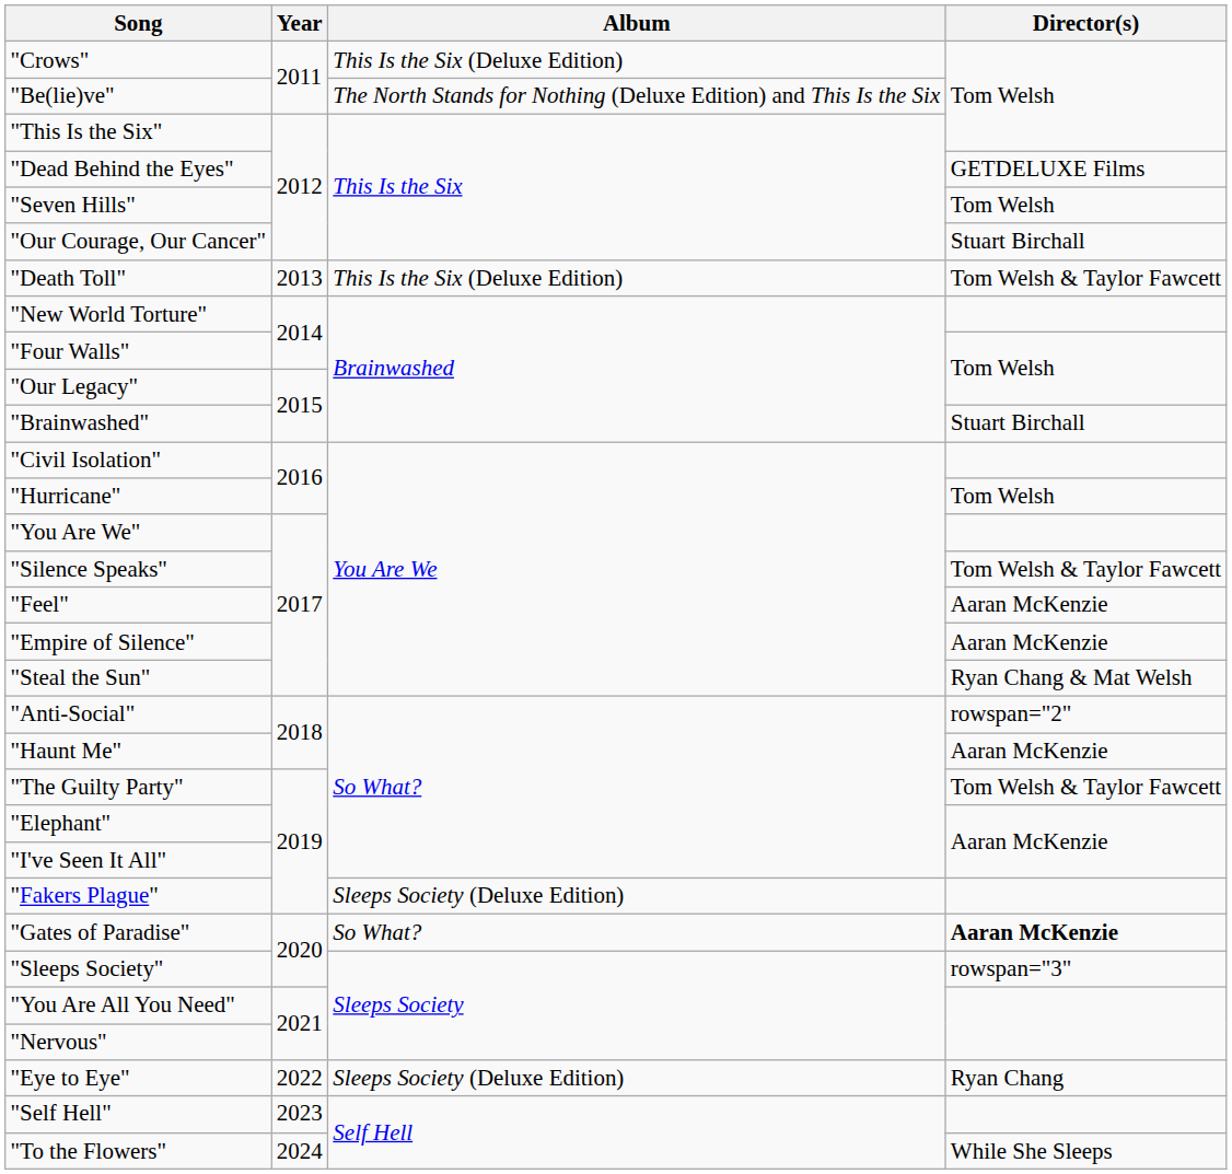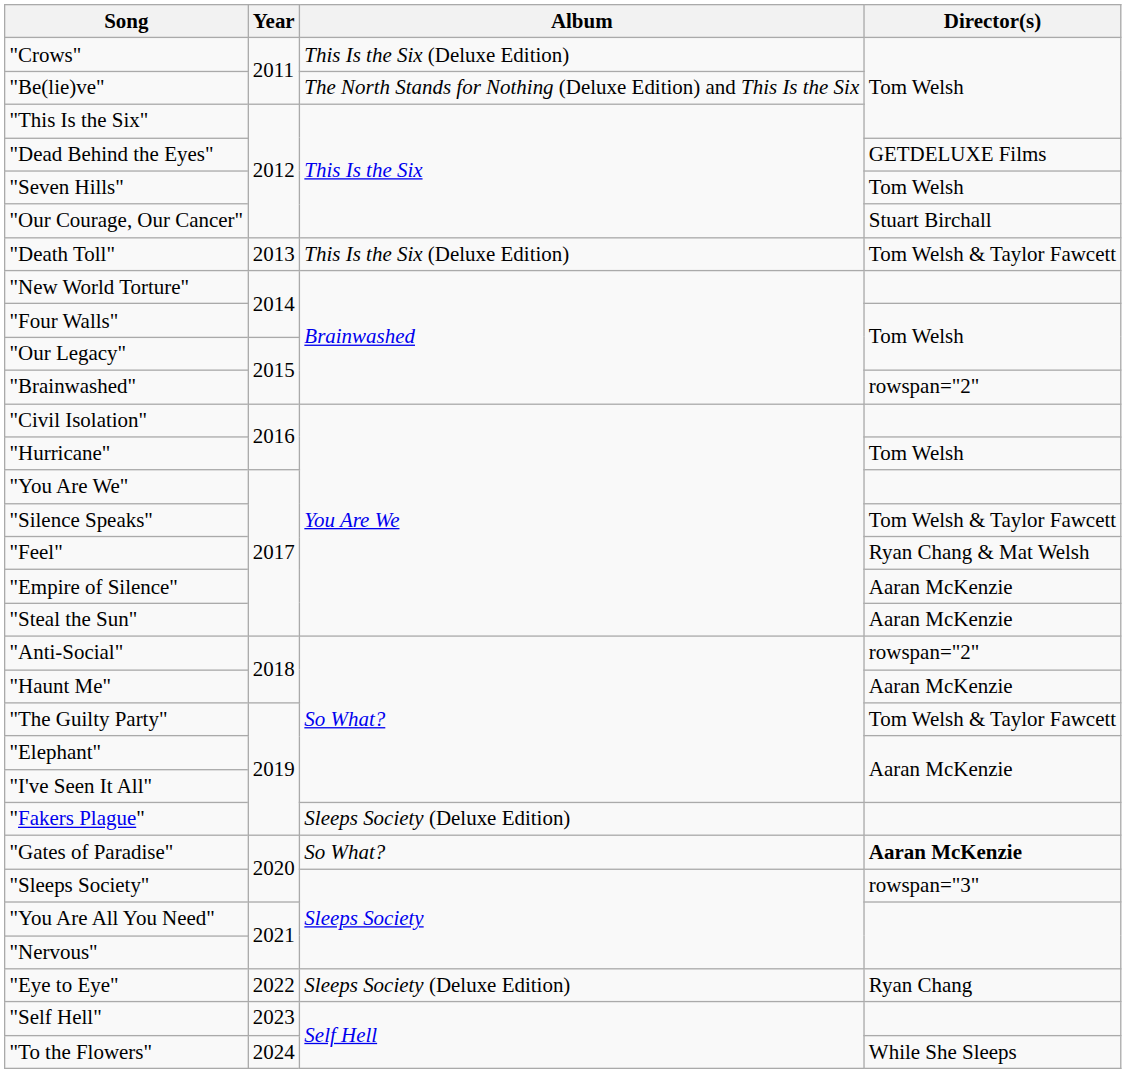 <table class="wikitable">
 <tr>
 <th>Song</th>
 <th>Year</th>
 <th>Album</th>
 <th>Director(s)</th>
 </tr>
 <tr>
 <td>"Crows"</td>
 <td rowspan="2">2011</td>
 <td><em>This Is the Six</em> (Deluxe Edition)</td>
 <td rowspan="3">Tom Welsh</td>
 </tr>
 <tr>
 <td>"Be(lie)ve"</td>
 <td><em>The North Stands for Nothing</em> (Deluxe Edition) and <em>This Is the Six</em></td>
 </tr>
 <tr>
 <td>"This Is the Six"</td>
 <td rowspan="4">2012</td>
 <td rowspan="4"><em><a href='#'>This Is the Six</a></em></td>
 </tr>
 <tr>
 <td>"Dead Behind the Eyes"</td>
 <td>GETDELUXE Films</td>
 </tr>
 <tr>
 <td>"Seven Hills"</td>
 <td>Tom Welsh</td>
 </tr>
 <tr>
 <td>"Our Courage, Our Cancer"</td>
 <td>Stuart Birchall</td>
 </tr>
 <tr>
 <td>"Death Toll"</td>
 <td>2013</td>
 <td><em>This Is the Six</em> (Deluxe Edition)</td>
 <td>Tom Welsh & Taylor Fawcett</td>
 </tr>
 <tr>
 <td>"New World Torture"</td>
 <td rowspan="2">2014</td>
 <td rowspan="4"><em><a href='#'>Brainwashed</a></em></td>
 <td></td>
 </tr>
 <tr>
 <td>"Four Walls"</td>
 <td rowspan="2">Tom Welsh</td>
 </tr>
 <tr>
 <td>"Our Legacy"</td>
 <td rowspan="2">2015</td>
 </tr>
 <tr>
 <td>"Brainwashed"</td>
-<td>Stuart Birchall</td>
+<td>rowspan="2" </td>
 </tr>
 <tr>
 <td>"Civil Isolation"</td>
 <td rowspan="2">2016</td>
 <td rowspan="7"><em><a href='#'>You Are We</a></em></td>
 </tr>
 <tr>
 <td>"Hurricane"</td>
 <td>Tom Welsh</td>
 </tr>
 <tr>
 <td>"You Are We"</td>
 <td rowspan="5">2017</td>
 <td></td>
 </tr>
 <tr>
 <td>"Silence Speaks"</td>
 <td>Tom Welsh & Taylor Fawcett</td>
 </tr>
 <tr>
 <td>"Feel"</td>
-<td>Aaran McKenzie</td>
+<td>Ryan Chang & Mat Welsh</td>
 </tr>
 <tr>
 <td>"Empire of Silence"</td>
 <td>Aaran McKenzie</td>
 </tr>
 <tr>
 <td>"Steal the Sun"</td>
-<td>Ryan Chang & Mat Welsh</td>
+<td>Aaran McKenzie</td>
 </tr>
 <tr>
 <td>"Anti-Social"</td>
 <td rowspan="2">2018</td>
 <td rowspan="5"><em><a href='#'>So What?</a></em></td>
 <td>rowspan="2" </td>
 </tr>
 <tr>
 <td>"Haunt Me"</td>
 <td>Aaran McKenzie</td>
 </tr>
 <tr>
 <td>"The Guilty Party"</td>
 <td rowspan="4">2019</td>
 <td>Tom Welsh & Taylor Fawcett</td>
 </tr>
 <tr>
 <td>"Elephant"</td>
 <td rowspan="2">Aaran McKenzie</td>
 </tr>
 <tr>
 <td>"I've Seen It All"</td>
 </tr>
 <tr>
 <td>"<a href='#'>Fakers Plague</a>"</td>
 <td><em>Sleeps Society</em> (Deluxe Edition)</td>
 <td></td>
 </tr>
 <tr>
 <td>"Gates of Paradise"</td>
 <td rowspan="2">2020</td>
 <td><em>So What?</em></td>
 <td><strong>Aaran McKenzie</strong></td>
 </tr>
 <tr>
 <td>"Sleeps Society"</td>
 <td rowspan="3"><em><a href='#'>Sleeps Society</a></em></td>
 <td>rowspan="3" </td>
 </tr>
 <tr>
 <td>"You Are All You Need"</td>
 <td rowspan="2">2021</td>
 </tr>
 <tr>
 <td>"Nervous"</td>
 </tr>
 <tr>
 <td>"Eye to Eye"</td>
 <td>2022</td>
 <td><em>Sleeps Society</em> (Deluxe Edition)</td>
 <td>Ryan Chang</td>
 </tr>
 <tr>
 <td>"Self Hell"</td>
 <td>2023</td>
 <td rowspan="2"><em><a href='#'>Self Hell</a></em></td>
 <td></td>
 </tr>
 <tr>
 <td>"To the Flowers"</td>
 <td>2024</td>
 <td>While She Sleeps</td>
 </tr>
 </table>
